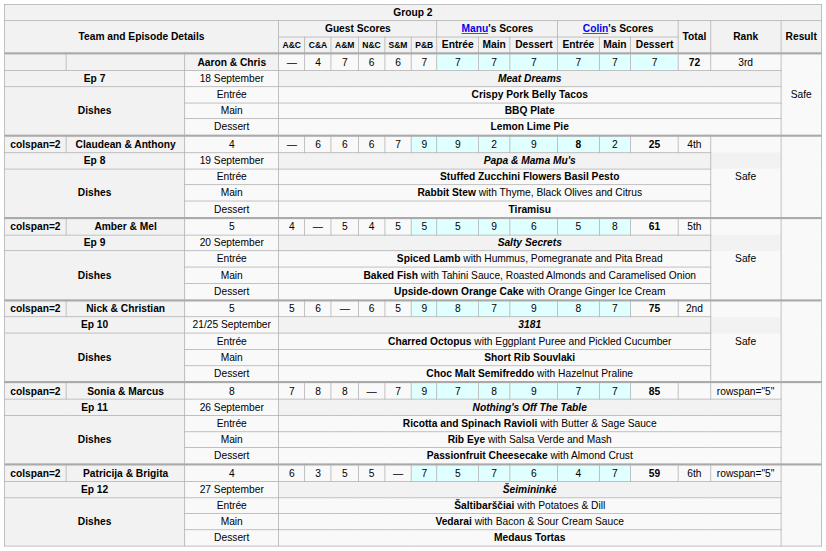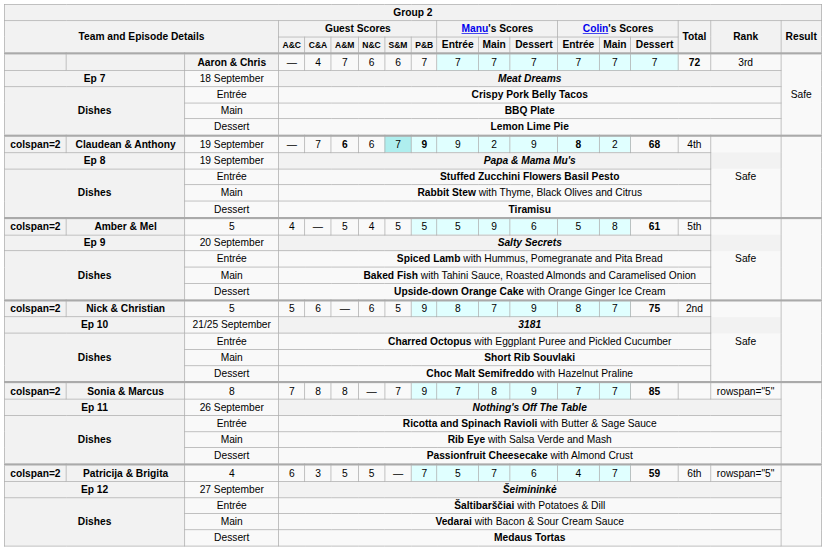 <table class="wikitable plainrowheaders" style="margin:1em auto; text-align:center; font-size:90%; width:80em;">
 <tr>
 <th colspan="18" >Group 2</th>
 </tr>
 <tr>
 <th scope="col" rowspan="2" colspan="3">Team and Episode Details</th>
 <th scope="col" colspan="6">Guest Scores</th>
 <th scope="col" colspan="3"><a href='#'>Manu</a>'s Scores</th>
 <th scope="col" colspan="3"><a href='#'>Colin</a>'s Scores</th>
 <th scope="col" rowspan="2">Total<br><small></small></th>
 <th scope="col" rowspan="2">Rank</th>
 <th scope="col" rowspan="2">Result</th>
 </tr>
 <tr>
 <th scope="col"><small>A&C</small></th>
 <th scope="col"><small>C&A</small></th>
 <th scope="col"><small>A&M</small></th>
 <th scope="col"><small>N&C</small></th>
 <th scope="col"><small>S&M</small></th>
 <th scope="col"><small>P&B</small></th>
 <th scope="col">Entrée</th>
 <th scope="col">Main</th>
 <th scope="col">Dessert</th>
 <th scope="col">Entrée</th>
 <th scope="col">Main</th>
 <th scope="col">Dessert</th>
 </tr>
 <tr style="border-top:3px solid #aaa;">
 <th></th>
 <th></th>
 <th>Aaron & Chris</th>
 <td>—</td>
 <td>4</td>
 <td>7</td>
 <td>6</td>
 <td>6</td>
 <td>7</td>
 <td bgcolor="#e0ffff">7</td>
 <td bgcolor="#e0ffff">7</td>
 <td bgcolor="#e0ffff">7</td>
 <td bgcolor="#e0ffff">7</td>
 <td bgcolor="#e0ffff">7</td>
 <td bgcolor="#e0ffff">7</td>
 <td><strong>72</strong></td>
 <td>3rd</td>
 <td rowspan="5">Safe</td>
 </tr>
 <tr>
 <th colspan="2">Ep 7</th>
 <td>18 September</td>
 <th colspan="14"><strong><em>Meat Dreams</em></strong></th>
 </tr>
 <tr>
 <th colspan="2" rowspan="3">Dishes</th>
 <td>Entrée</td>
 <td colspan="14"><strong>Crispy Pork Belly Tacos</strong></td>
 </tr>
 <tr>
 <td>Main</td>
 <td colspan="14"><strong>BBQ Plate</strong></td>
 </tr>
 <tr>
 <td>Dessert</td>
 <td colspan="14"><strong>Lemon Lime Pie</strong></td>
 </tr>
 <tr style="border-top:3px solid #aaa;">
 <th>colspan=2 </th>
 <th>Claudean & Anthony</th>
-<td>4</td>
+<td>19 September</td>
 <td>—</td>
+<td>7</td>
+<td><strong>6</strong></td>
 <td>6</td>
-<td>6</td>
-<td>6</td>
-<td>7</td>
-<td bgcolor="#e0ffff">9</td>
+<td style="background: paleturquoise;">7</td>
+<td bgcolor="#e0ffff"><strong>9</strong></td>
 <td bgcolor="#e0ffff">9</td>
 <td bgcolor="#e0ffff">2</td>
 <td bgcolor="#e0ffff">9</td>
 <td bgcolor="#e0ffff"><strong>8</strong></td>
 <td bgcolor="#e0ffff">2</td>
-<td><strong>25</strong></td>
+<td><strong>68</strong></td>
 <td>4th</td>
 <td rowspan="5">Safe</td>
 </tr>
 <tr>
 <th colspan="2">Ep 8</th>
 <td>19 September</td>
 <th colspan="14"><strong><em>Papa & Mama Mu's</em></strong></th>
 </tr>
 <tr>
 <th colspan="2" rowspan="3">Dishes</th>
 <td>Entrée</td>
 <td colspan="14"><strong>Stuffed Zucchini Flowers Basil Pesto</strong></td>
 </tr>
 <tr>
 <td>Main</td>
 <td colspan="14"><strong>Rabbit Stew</strong> with Thyme, Black Olives and Citrus</td>
 </tr>
 <tr>
 <td>Dessert</td>
 <td colspan="14"><strong>Tiramisu</strong></td>
 </tr>
 <tr style="border-top:3px solid #aaa;">
 <th>colspan=2 </th>
 <th>Amber & Mel</th>
 <td>5</td>
 <td>4</td>
 <td>—</td>
 <td>5</td>
 <td>4</td>
 <td>5</td>
 <td bgcolor="#e0ffff">5</td>
 <td bgcolor="#e0ffff">5</td>
 <td bgcolor="#e0ffff">9</td>
 <td bgcolor="#e0ffff">6</td>
 <td bgcolor="#e0ffff">5</td>
 <td bgcolor="#e0ffff">8</td>
 <td><strong>61</strong></td>
 <td>5th</td>
 <td rowspan="5">Safe</td>
 </tr>
 <tr>
 <th colspan="2">Ep 9</th>
 <td>20 September</td>
 <th colspan="14"><strong><em>Salty Secrets</em></strong></th>
 </tr>
 <tr>
 <th colspan="2" rowspan="3">Dishes</th>
 <td>Entrée</td>
 <td colspan="14"><strong>Spiced Lamb</strong> with Hummus, Pomegranate and Pita Bread</td>
 </tr>
 <tr>
 <td>Main</td>
 <td colspan="14"><strong>Baked Fish</strong> with Tahini Sauce, Roasted Almonds and Caramelised Onion</td>
 </tr>
 <tr>
 <td>Dessert</td>
 <td colspan="14"><strong>Upside-down Orange Cake</strong> with Orange Ginger Ice Cream</td>
 </tr>
 <tr style="border-top:3px solid #aaa;">
 <th>colspan=2 </th>
 <th>Nick & Christian</th>
 <td>5</td>
 <td>5</td>
 <td>6</td>
 <td>—</td>
 <td>6</td>
 <td>5</td>
 <td bgcolor="#e0ffff">9</td>
 <td bgcolor="#e0ffff">8</td>
 <td bgcolor="#e0ffff">7</td>
 <td bgcolor="#e0ffff">9</td>
 <td bgcolor="#e0ffff">8</td>
 <td bgcolor="#e0ffff">7</td>
 <td><strong>75</strong></td>
 <td>2nd</td>
 <td rowspan="5">Safe</td>
 </tr>
 <tr>
 <th colspan="2">Ep 10</th>
 <td>21/25 September</td>
 <th colspan="14"><strong><em>3181</em></strong></th>
 </tr>
 <tr>
 <th colspan="2" rowspan="3">Dishes</th>
 <td>Entrée</td>
 <td colspan="14"><strong>Charred Octopus</strong> with Eggplant Puree and Pickled Cucumber</td>
 </tr>
 <tr>
 <td>Main</td>
 <td colspan="14"><strong>Short Rib Souvlaki</strong></td>
 </tr>
 <tr>
 <td>Dessert</td>
 <td colspan="14"><strong>Choc Malt Semifreddo</strong> with Hazelnut Praline</td>
 </tr>
 <tr style="border-top:3px solid #aaa;">
 <th>colspan=2 </th>
 <th>Sonia & Marcus</th>
 <td>8</td>
 <td>7</td>
 <td>8</td>
 <td>8</td>
 <td>—</td>
 <td>7</td>
 <td bgcolor="#e0ffff">9</td>
 <td bgcolor="#e0ffff">7</td>
 <td bgcolor="#e0ffff">8</td>
 <td bgcolor="#e0ffff">9</td>
 <td bgcolor="#e0ffff">7</td>
 <td bgcolor="#e0ffff">7</td>
 <td><strong>85</strong></td>
 <td></td>
 <td>rowspan="5" </td>
 </tr>
 <tr>
 <th colspan="2">Ep 11</th>
 <td>26 September</td>
 <th colspan="14"><strong><em>Nothing's Off The Table</em></strong></th>
 </tr>
 <tr>
 <th colspan="2" rowspan="3">Dishes</th>
 <td>Entrée</td>
 <td colspan="14"><strong>Ricotta and Spinach Ravioli</strong> with Butter & Sage Sauce</td>
 </tr>
 <tr>
 <td>Main</td>
 <td colspan="14"><strong>Rib Eye</strong> with Salsa Verde and Mash</td>
 </tr>
 <tr>
 <td>Dessert</td>
 <td colspan="14"><strong>Passionfruit Cheesecake</strong> with Almond Crust</td>
 </tr>
 <tr style="border-top:3px solid #aaa;">
 <th>colspan=2 </th>
 <th>Patricija & Brigita</th>
 <td>4</td>
 <td>6</td>
 <td>3</td>
 <td>5</td>
 <td>5</td>
 <td>—</td>
 <td bgcolor="#e0ffff">7</td>
 <td bgcolor="#e0ffff">5</td>
 <td bgcolor="#e0ffff">7</td>
 <td bgcolor="#e0ffff">6</td>
 <td bgcolor="#e0ffff">4</td>
 <td bgcolor="#e0ffff">7</td>
 <td><strong>59 </strong></td>
 <td>6th</td>
 <td>rowspan="5" </td>
 </tr>
 <tr>
 <th colspan="2">Ep 12</th>
 <td>27 September</td>
 <th colspan="14"><strong><em>Šeimininkė</em></strong></th>
 </tr>
 <tr>
 <th colspan="2" rowspan="3">Dishes</th>
 <td>Entrée</td>
 <td colspan="14"><strong>Šaltibarščiai</strong> with Potatoes & Dill</td>
 </tr>
 <tr>
 <td>Main</td>
 <td colspan="14"><strong>Vedarai</strong> with Bacon & Sour Cream Sauce</td>
 </tr>
 <tr>
 <td>Dessert</td>
 <td colspan="14"><strong>Medaus Tortas</strong></td>
 </tr>
 </table>
